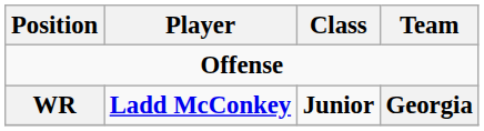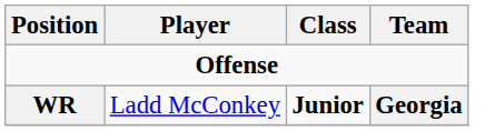 <table class="wikitable">
 <tr>
 <th>Position</th>
 <th>Player</th>
 <th>Class</th>
 <th>Team</th>
 </tr>
 <tr>
 <td colspan="4" style="text-align:center; "><strong>Offense</strong></td>
 </tr>
 <tr style="text-align:center;">
 <th rowspan="1">WR</th>
-<td><strong><a href='#'>Ladd McConkey</a></strong></td>
+<td><a href='#'>Ladd McConkey</a></td>
 <td><strong>Junior</strong></td>
 <th style=>Georgia</th>
 </tr>
 <tr>
 </tr>
 </table>
